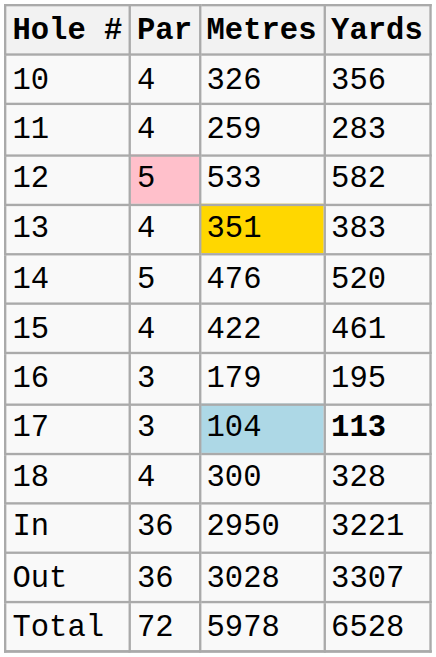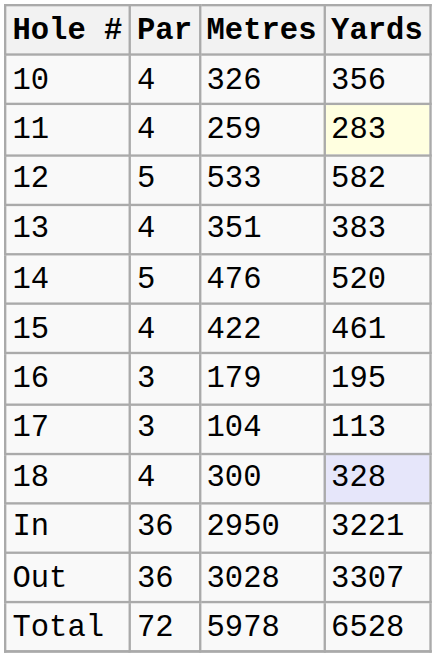 <table class="wikitable">
 <tr>
 <th>Hole #</th>
 <th>Par</th>
 <th>Metres</th>
 <th>Yards</th>
 </tr>
 <tr>
 <td>10</td>
 <td>4</td>
 <td>326</td>
 <td>356</td>
 </tr>
 <tr>
 <td>11</td>
 <td>4</td>
 <td>259</td>
-<td>283</td>
+<td style="background: lightyellow;">283</td>
 </tr>
 <tr>
 <td>12</td>
-<td style="background: pink;">5</td>
+<td>5</td>
 <td>533</td>
 <td>582</td>
 </tr>
 <tr>
 <td>13</td>
 <td>4</td>
-<td style="background: gold;">351</td>
+<td>351</td>
 <td>383</td>
 </tr>
 <tr>
 <td>14</td>
 <td>5</td>
 <td>476</td>
 <td>520</td>
 </tr>
 <tr>
 <td>15</td>
 <td>4</td>
 <td>422</td>
 <td>461</td>
 </tr>
 <tr>
 <td>16</td>
 <td>3</td>
 <td>179</td>
 <td>195</td>
 </tr>
 <tr>
 <td>17</td>
 <td>3</td>
-<td style="background: lightblue;">104</td>
-<td><strong>113</strong></td>
+<td>104</td>
+<td>113</td>
 </tr>
 <tr>
 <td>18</td>
 <td>4</td>
 <td>300</td>
-<td>328</td>
+<td style="background: lavender;">328</td>
 </tr>
 <tr>
 <td>In</td>
 <td>36</td>
 <td>2950</td>
 <td>3221</td>
 </tr>
 <tr>
 <td>Out</td>
 <td>36</td>
 <td>3028</td>
 <td>3307</td>
 </tr>
 <tr>
 <td>Total</td>
 <td>72</td>
 <td>5978</td>
 <td>6528</td>
 </tr>
 <tr>
 </tr>
 </table>
